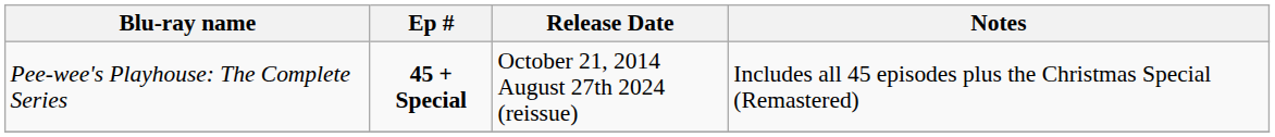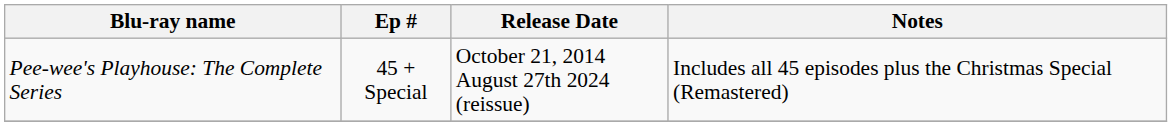 <table class="wikitable">
 <tr>
 <th>Blu-ray name</th>
 <th>Ep #</th>
 <th>Release Date</th>
 <th>Notes</th>
 </tr>
 <tr>
 <td><em>Pee-wee's Playhouse: The Complete Series</em></td>
-<td align="center"><strong>45 + Special</strong></td>
+<td align="center">45 + Special</td>
 <td>October 21, 2014<br>August 27th 2024 (reissue)</td>
 <td>Includes all 45 episodes plus the Christmas Special (Remastered)</td>
 </tr>
 <tr>
 </tr>
 </table>
